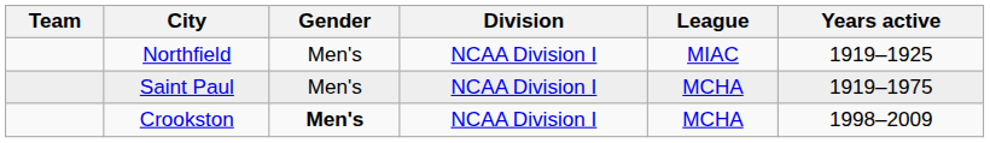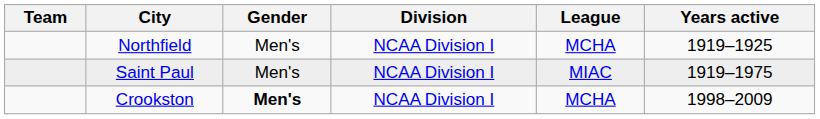 <table class="wikitable sortable" width="60%">
 <tr>
 <th>Team</th>
 <th>City</th>
 <th>Gender</th>
 <th>Division</th>
 <th>League</th>
 <th>Years active</th>
 </tr>
 <tr align=center>
 <td><strong><a href='#'></a></strong></td>
 <td><a href='#'>Northfield</a></td>
 <td>Men's</td>
 <td><a href='#'>NCAA Division I</a></td>
-<td><a href='#'>MIAC</a></td>
+<td><a href='#'>MCHA</a></td>
 <td>1919–1925</td>
 </tr>
 <tr align=center bgcolor=eeeeee>
 <td><strong><a href='#'></a></strong></td>
 <td><a href='#'>Saint Paul</a></td>
 <td>Men's</td>
 <td><a href='#'>NCAA Division I</a></td>
-<td><a href='#'>MCHA</a></td>
+<td><a href='#'>MIAC</a></td>
 <td>1919–1975</td>
 </tr>
 <tr align=center>
 <td><strong><a href='#'></a></strong></td>
 <td><a href='#'>Crookston</a></td>
 <td><strong>Men's</strong></td>
 <td><a href='#'>NCAA Division I</a></td>
 <td><a href='#'>MCHA</a></td>
 <td>1998–2009</td>
 </tr>
 </table>
